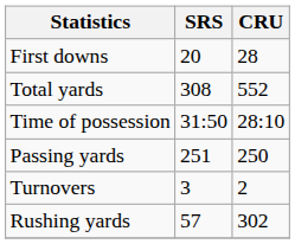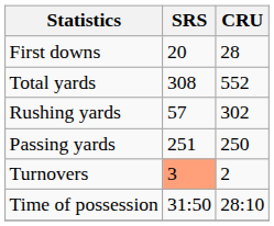 <table class="wikitable" style="float: left;">
 <tr>
 <th>Statistics</th>
 <th>SRS</th>
 <th>CRU</th>
 </tr>
 <tr>
 <td>First downs</td>
 <td>20</td>
 <td>28</td>
 </tr>
 <tr>
 <td>Total yards</td>
 <td>308</td>
 <td>552</td>
 </tr>
 <tr>
-<td>Time of possession</td>
-<td>31:50</td>
-<td>28:10</td>
+<td>Rushing yards</td>
+<td>57</td>
+<td>302</td>
 </tr>
 <tr>
 <td>Passing yards</td>
 <td>251</td>
 <td>250</td>
 </tr>
 <tr>
 <td>Turnovers</td>
-<td>3</td>
+<td style="background: lightsalmon;">3</td>
 <td>2</td>
 </tr>
 <tr>
-<td>Rushing yards</td>
-<td>57</td>
-<td>302</td>
+<td>Time of possession</td>
+<td>31:50</td>
+<td>28:10</td>
 </tr>
 <tr>
 </tr>
 </table>
